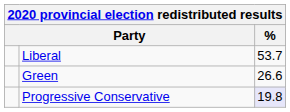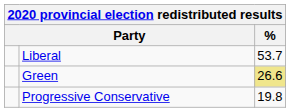 <table class="wikitable">
 <tr>
 <th colspan="4"><a href='#'>2020 provincial election</a> redistributed results</th>
 </tr>
 <tr>
 <th bgcolor="#DDDDFF" width="130px" colspan="2">Party</th>
 <th bgcolor="#DDDDFF" width="30px">%</th>
 </tr>
 <tr>
 <td> </td>
 <td><a href='#'>Liberal</a></td>
 <td align=right>53.7</td>
 </tr>
 <tr>
 <td> </td>
 <td><a href='#'>Green</a></td>
-<td align=right>26.6</td>
+<td align=right style="background: khaki;">26.6</td>
 </tr>
 <tr>
 <td> </td>
 <td><a href='#'>Progressive Conservative</a></td>
-<td align=right style="background: lavender;">19.8</td>
+<td align=right>19.8</td>
 </tr>
 </table>
